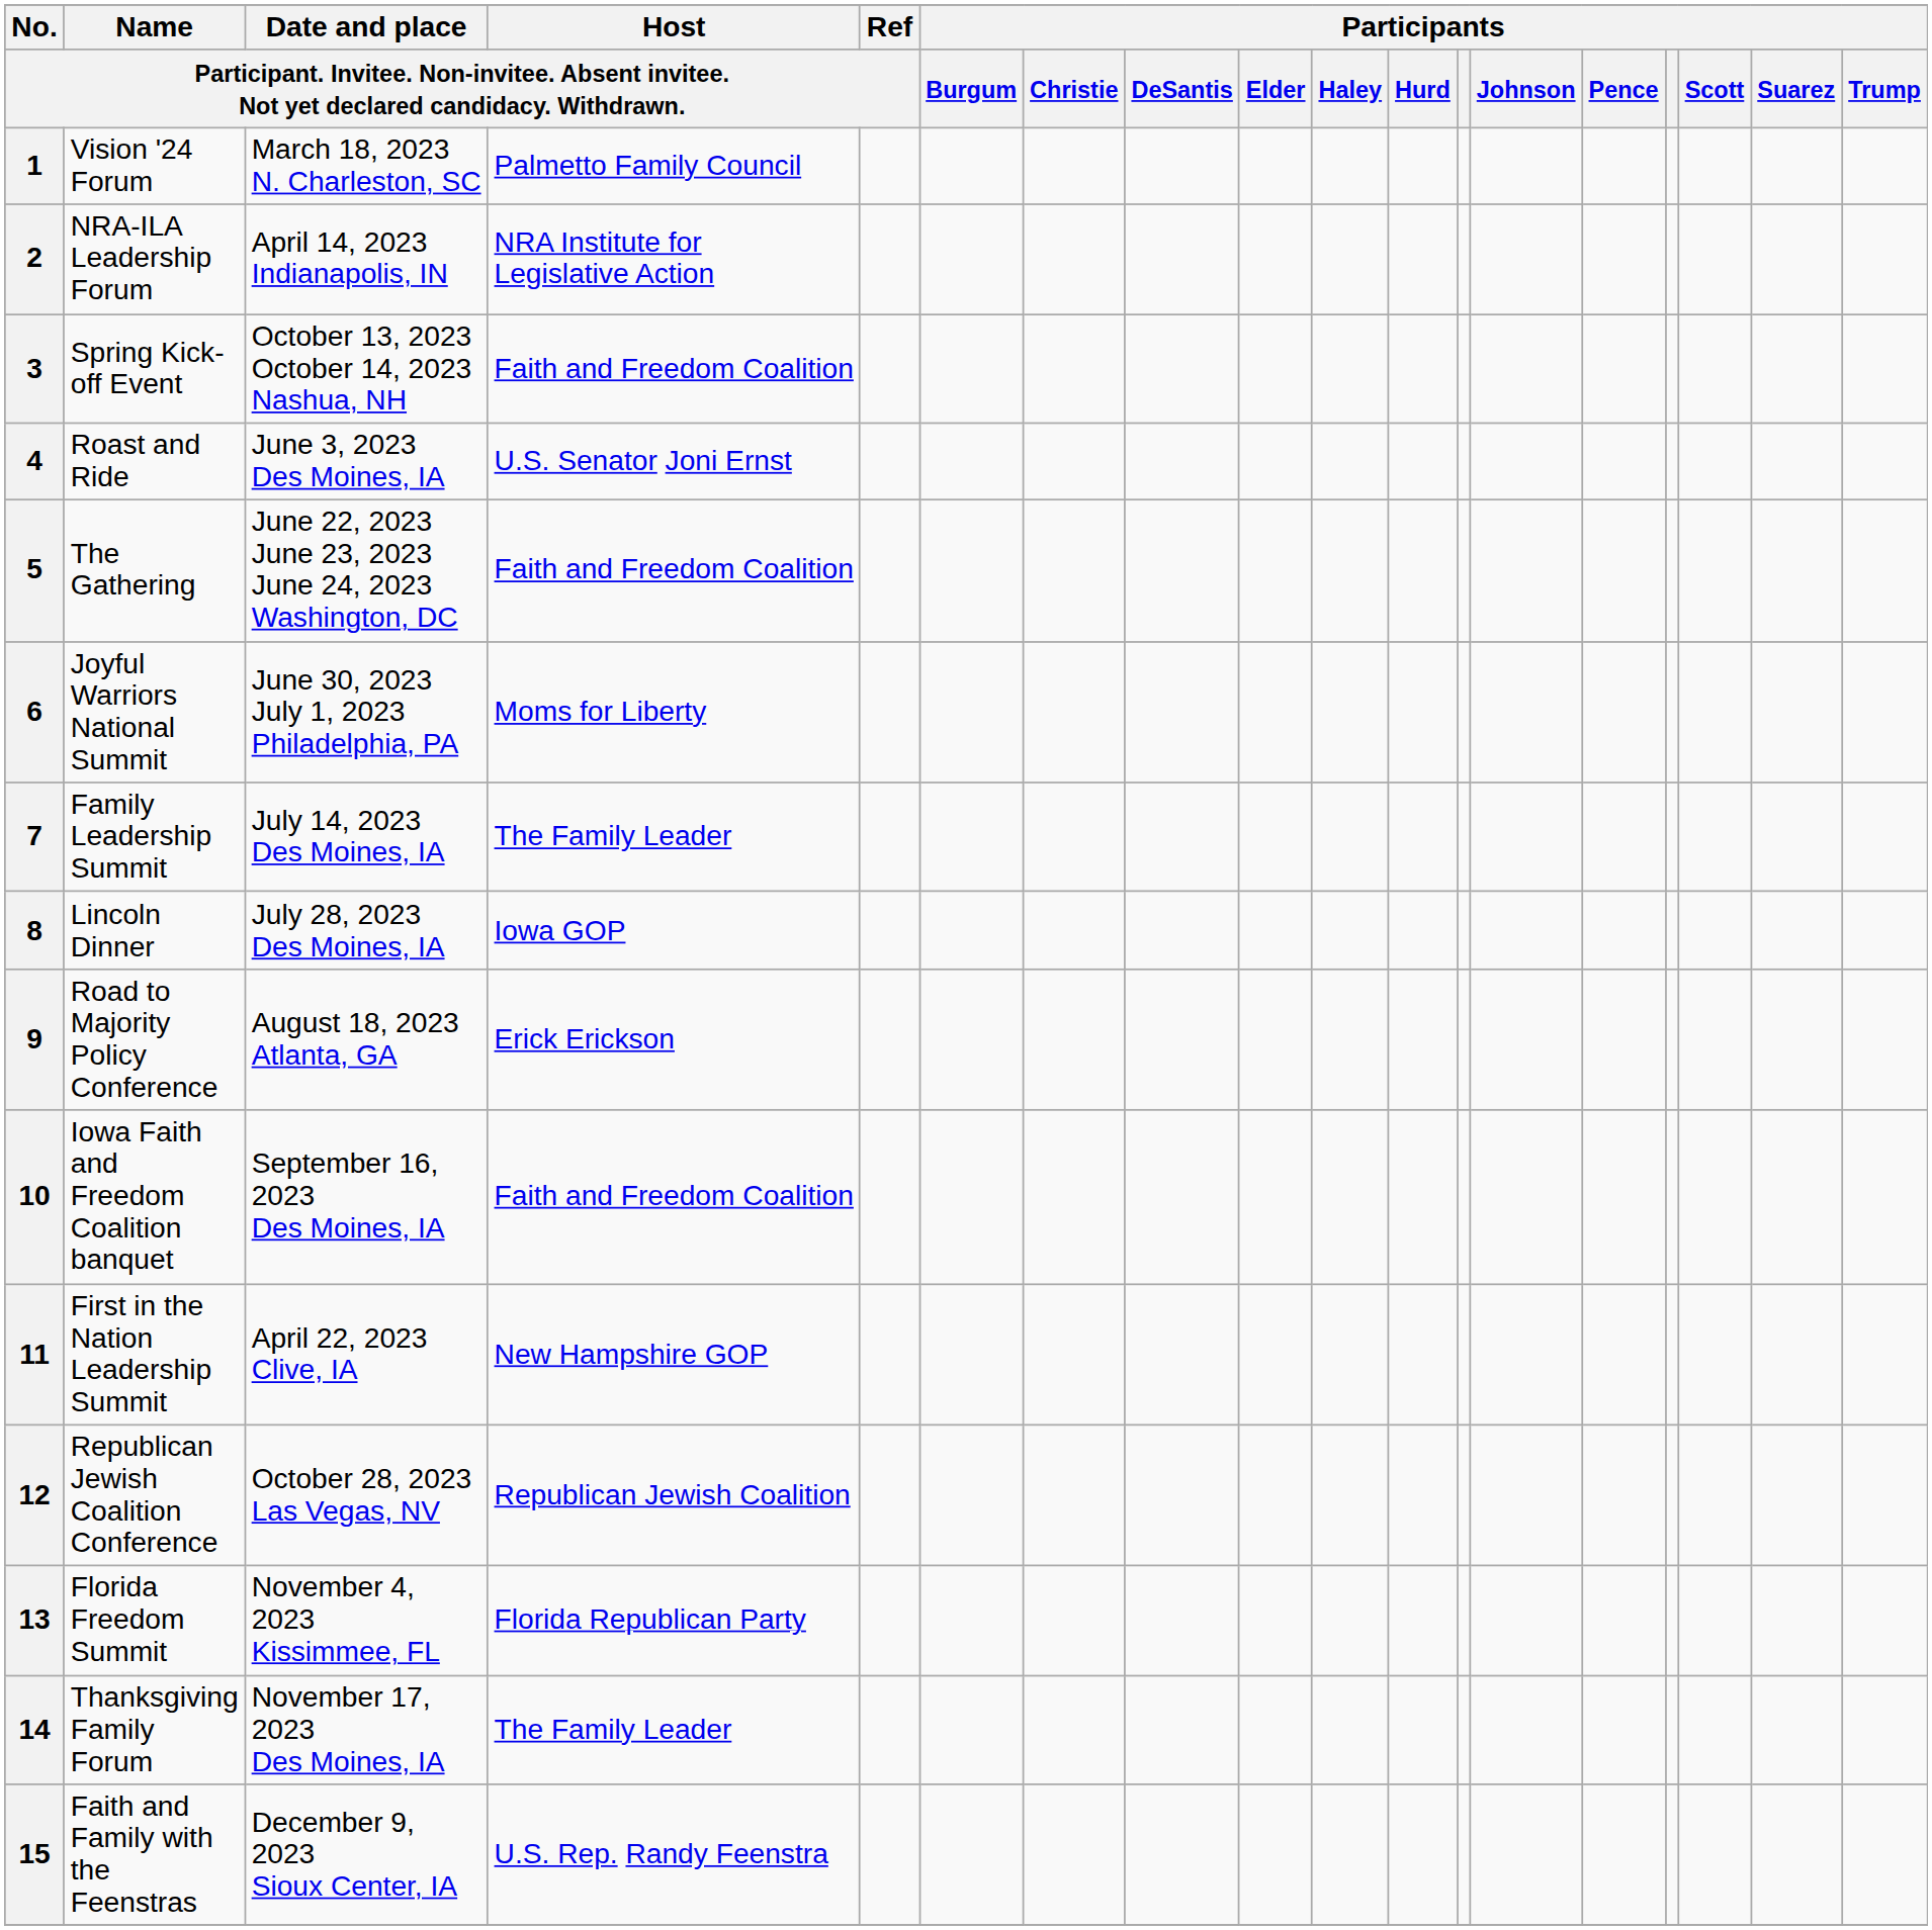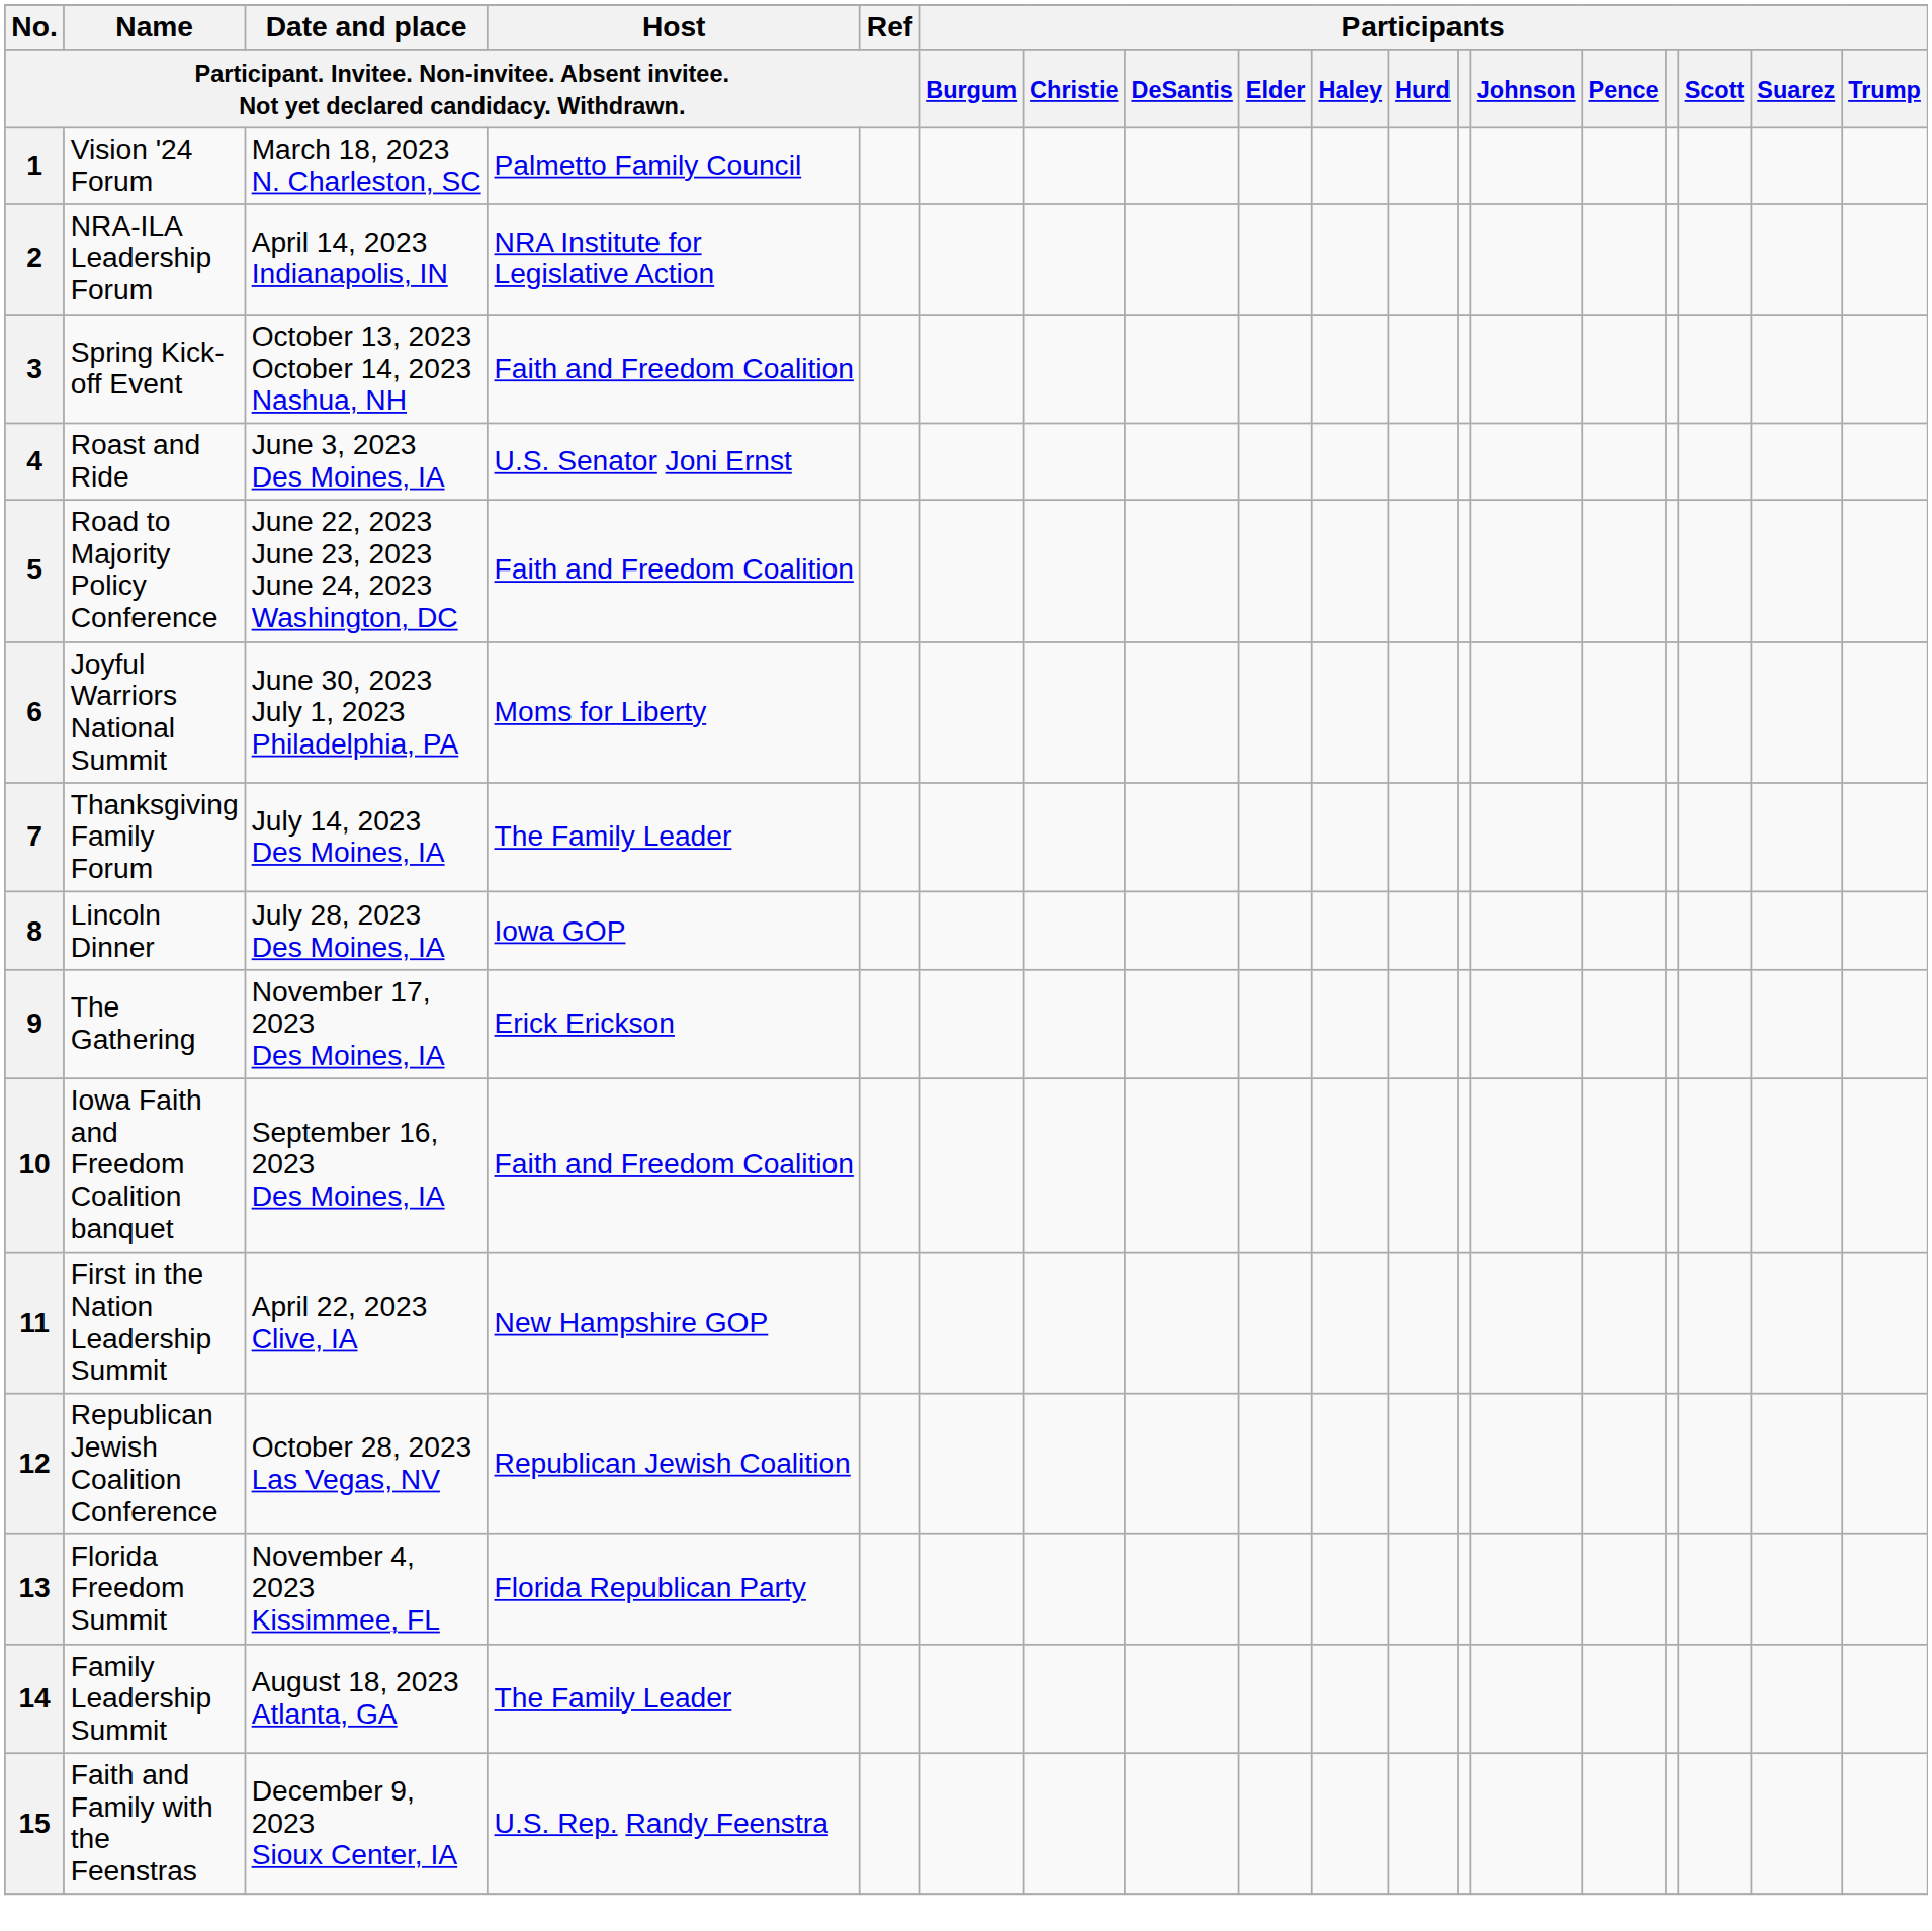 <table class="wikitable" text-align:center;">
 <tr>
 </tr>
 <tr>
 <th style="white-space:nowrap;">No.</th>
 <th>Name</th>
 <th>Date and place</th>
 <th>Host</th>
 <th>Ref</th>
 <th scope="col" colspan="15">Participants</th>
 </tr>
 <tr>
 <th colspan="5"><small> Participant.  Invitee.  Non-invitee.  Absent invitee.<br> Not yet declared candidacy.  Withdrawn. </small></th>
 <th scope="col" style="width:4em;"><small><a href='#'>Burgum</a></small></th>
 <th scope="col" style="width:4em;"><small><a href='#'>Christie</a></small></th>
 <th scope="col" style="width:4em;"><small><a href='#'>DeSantis</a></small></th>
 <th scope="col" style="width:4em;"><small><a href='#'>Elder</a></small></th>
 <th scope="col" style="width:4em;"><small><a href='#'>Haley</a></small></th>
 <th scope="col" style="width:4em;"><small><a href='#'>Hurd</a></small></th>
 <th scope="col" style="width:4em;"><small><a href='#'></a></small></th>
 <th scope="col" style="width:4em;"><small><a href='#'>Johnson</a></small></th>
 <th scope="col" style="width:4em;"><small><a href='#'>Pence</a></small></th>
 <th scope="col" style="width:4em;"><small><a href='#'></a></small></th>
 <th scope="col" style="width:4em;"><small><a href='#'>Scott</a></small></th>
 <th scope="col" style="width:4em;"><small><a href='#'>Suarez</a></small></th>
 <th scope="col" style="width:4em;"><small><a href='#'>Trump</a></small></th>
 </tr>
 <tr>
 <th>1</th>
 <td>Vision '24 Forum</td>
 <td style="white-space:nowrap;">March 18, 2023<br><a href='#'>N. Charleston, SC</a></td>
 <td style="white-space:nowrap;"><a href='#'>Palmetto Family Council</a></td>
 <td></td>
 <td> </td>
 <td> </td>
 <td> </td>
 <td> </td>
 <td> </td>
 <td> </td>
 <td> </td>
 <td> </td>
 <td> </td>
 <td> </td>
 <td> </td>
 <td> </td>
 <td> </td>
 </tr>
 <tr>
 <th>2</th>
 <td>NRA-ILA Leadership Forum</td>
 <td style="white-space:nowrap;">April 14, 2023<br><a href='#'>Indianapolis, IN</a></td>
 <td style="white-space:nowrap;"><a href='#'>NRA Institute for<br>Legislative Action</a></td>
 <td></td>
 <td> </td>
 <td> </td>
 <td> </td>
 <td> </td>
 <td>  </td>
 <td> </td>
 <td> </td>
 <td> </td>
 <td> </td>
 <td> </td>
 <td> </td>
 <td> </td>
 <td> </td>
 </tr>
 <tr>
 <th>3</th>
 <td>Spring Kick-off Event</td>
 <td>October 13, 2023 <br>October 14, 2023<br><a href='#'>Nashua, NH</a></td>
 <td style="white-space:nowrap;"><a href='#'>Faith and Freedom Coalition</a></td>
 <td></td>
 <td> </td>
 <td> </td>
 <td> </td>
 <td> </td>
 <td> </td>
 <td> </td>
 <td> </td>
 <td> </td>
 <td> </td>
 <td> </td>
 <td> </td>
 <td> </td>
 <td> </td>
 </tr>
 <tr>
 <th>4</th>
 <td>Roast and Ride</td>
 <td style="white-space:nowrap;">June 3, 2023<br><a href='#'>Des Moines, IA</a></td>
 <td style="white-space:nowrap;"><a href='#'>U.S. Senator</a> <a href='#'>Joni Ernst</a></td>
 <td></td>
 <td> </td>
 <td> </td>
 <td> </td>
 <td> </td>
 <td> </td>
 <td> </td>
 <td> </td>
 <td> </td>
 <td> </td>
 <td> </td>
 <td> </td>
 <td> </td>
 <td> </td>
 </tr>
 <tr>
 <th>5</th>
-<td>The Gathering</td>
+<td>Road to Majority Policy Conference</td>
 <td style="white-space:nowrap;">June 22, 2023<br>June 23, 2023<br>June 24, 2023<br><a href='#'>Washington, DC</a></td>
 <td style="white-space:nowrap;"><a href='#'>Faith and Freedom Coalition</a></td>
 <td></td>
 <td> </td>
 <td> </td>
 <td> </td>
 <td> </td>
 <td> </td>
 <td> </td>
 <td> </td>
 <td> </td>
 <td> </td>
 <td> </td>
 <td> </td>
 <td> </td>
 <td> </td>
 </tr>
 <tr>
 <th>6</th>
 <td>Joyful Warriors National Summit</td>
 <td style="white-space:nowrap;">June 30, 2023<br>July 1, 2023<br><a href='#'>Philadelphia, PA</a></td>
 <td style="white-space:nowrap;"><a href='#'>Moms for Liberty</a></td>
 <td></td>
 <td> </td>
 <td> </td>
 <td> </td>
 <td> </td>
 <td> </td>
 <td> </td>
 <td> </td>
 <td> </td>
 <td> </td>
 <td> </td>
 <td> </td>
 <td> </td>
 <td> </td>
 </tr>
 <tr>
 <th>7</th>
-<td>Family Leadership Summit</td>
+<td>Thanksgiving Family Forum</td>
 <td style="white-space:nowrap;">July 14, 2023<br><a href='#'>Des Moines, IA</a></td>
 <td style="white-space:nowrap;"><a href='#'>The Family Leader</a><br></td>
 <td></td>
 <td>  </td>
 <td>  </td>
 <td> </td>
 <td> </td>
 <td> </td>
 <td> </td>
 <td> </td>
 <td> </td>
 <td> </td>
 <td> </td>
 <td> </td>
 <td>  </td>
 <td> </td>
 </tr>
 <tr>
 <th>8</th>
 <td>Lincoln Dinner</td>
 <td style="white-space:nowrap;">July 28, 2023<br><a href='#'>Des Moines, IA</a></td>
 <td style="white-space:nowrap;"><a href='#'>Iowa GOP</a></td>
 <td></td>
 <td> </td>
 <td> </td>
 <td> </td>
 <td> </td>
 <td> </td>
 <td> </td>
 <td> </td>
 <td> </td>
 <td> </td>
 <td> </td>
 <td> </td>
 <td> </td>
 <td> </td>
 </tr>
 <tr>
 <th>9</th>
-<td>Road to Majority Policy Conference</td>
-<td>August 18, 2023<br><a href='#'>Atlanta, GA</a></td>
+<td>The Gathering</td>
+<td>November 17, 2023<br><a href='#'>Des Moines, IA</a></td>
 <td><a href='#'>Erick Erickson</a></td>
 <td></td>
 <td> </td>
 <td></td>
 <td></td>
 <td> </td>
 <td></td>
 <td> </td>
 <td> </td>
 <td> </td>
 <td></td>
 <td></td>
 <td></td>
 <td> </td>
 <td> </td>
 </tr>
 <tr>
 <th>10</th>
 <td>Iowa Faith and Freedom Coalition banquet</td>
 <td>September 16, 2023<br><a href='#'>Des Moines, IA</a></td>
 <td><a href='#'>Faith and Freedom Coalition</a></td>
 <td></td>
 <td></td>
 <td></td>
 <td></td>
 <td> </td>
 <td></td>
 <td> </td>
 <td> </td>
 <td> </td>
 <td></td>
 <td></td>
 <td></td>
 <td> </td>
 <td> </td>
 </tr>
 <tr>
 <th>11</th>
 <td>First in the Nation Leadership Summit</td>
 <td style="white-space:nowrap;">April 22, 2023<br><a href='#'>Clive, IA</a></td>
 <td><a href='#'>New Hampshire GOP</a></td>
 <td></td>
 <td></td>
 <td></td>
 <td></td>
 <td></td>
 <td></td>
 <td></td>
 <td></td>
 <td></td>
 <td></td>
 <td></td>
 <td></td>
 <td></td>
 <td> </td>
 </tr>
 <tr>
 <th>12</th>
 <td>Republican Jewish Coalition Conference</td>
 <td>October 28, 2023<br><a href='#'>Las Vegas, NV</a></td>
 <td><a href='#'>Republican Jewish Coalition</a></td>
 <td></td>
 <td></td>
 <td></td>
 <td></td>
 <td></td>
 <td></td>
 <td></td>
 <td></td>
 <td></td>
 <td></td>
 <td></td>
 <td></td>
 <td></td>
 <td> </td>
 </tr>
 <tr>
 <th>13</th>
 <td>Florida Freedom Summit</td>
 <td>November 4, 2023<br><a href='#'>Kissimmee, FL</a></td>
 <td><a href='#'>Florida Republican Party</a></td>
 <td></td>
 <td></td>
 <td></td>
 <td></td>
 <td></td>
 <td></td>
 <td></td>
 <td></td>
 <td></td>
 <td></td>
 <td></td>
 <td></td>
 <td></td>
 <td></td>
 </tr>
 <tr>
 <th>14</th>
-<td>Thanksgiving Family Forum</td>
-<td>November 17, 2023<br><a href='#'>Des Moines, IA</a></td>
+<td>Family Leadership Summit</td>
+<td>August 18, 2023<br><a href='#'>Atlanta, GA</a></td>
 <td><a href='#'>The Family Leader</a></td>
 <td></td>
 <td></td>
 <td></td>
 <td></td>
 <td></td>
 <td></td>
 <td></td>
 <td></td>
 <td></td>
 <td></td>
 <td></td>
 <td></td>
 <td></td>
 <td></td>
 </tr>
 <tr>
 <th>15</th>
 <td>Faith and Family with the Feenstras</td>
 <td>December 9, 2023<br><a href='#'>Sioux Center, IA</a></td>
 <td><a href='#'>U.S. Rep.</a> <a href='#'>Randy Feenstra</a></td>
 <td></td>
 <td></td>
 <td></td>
 <td></td>
 <td></td>
 <td></td>
 <td></td>
 <td></td>
 <td></td>
 <td></td>
 <td></td>
 <td></td>
 <td></td>
 <td></td>
 </tr>
 <tr>
 </tr>
 </table>
